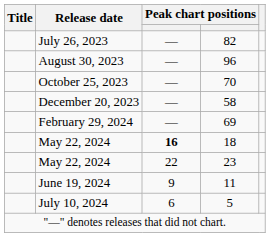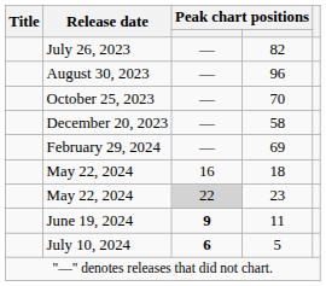 <table class="wikitable plainrowheaders">
 <tr>
 <th rowspan="2">Title</th>
 <th rowspan="2">Release date</th>
 <th colspan="2">Peak chart positions</th>
 <th rowspan="2"></th>
 </tr>
 <tr>
 <th></th>
 <th></th>
 </tr>
 <tr>
 <td></td>
 <td>July 26, 2023</td>
 <td align="center">—</td>
 <td align="center">82</td>
 <td></td>
 </tr>
 <tr>
 <td></td>
 <td>August 30, 2023</td>
 <td align="center">—</td>
 <td align="center">96</td>
 <td></td>
 </tr>
 <tr>
 <td></td>
 <td>October 25, 2023</td>
 <td align="center">—</td>
 <td align="center">70</td>
 <td></td>
 </tr>
 <tr>
 <td></td>
 <td>December 20, 2023</td>
 <td align="center">—</td>
 <td align="center">58</td>
 <td></td>
 </tr>
 <tr>
 <td></td>
 <td>February 29, 2024</td>
 <td align="center">—</td>
 <td align="center">69</td>
 <td></td>
 </tr>
 <tr>
 <td></td>
 <td>May 22, 2024</td>
-<td align="center"><strong>16</strong></td>
+<td align="center">16</td>
 <td align="center">18</td>
 <td></td>
 </tr>
 <tr>
 <td></td>
 <td>May 22, 2024</td>
-<td align="center">22</td>
+<td align="center" style="background: lightgrey;">22</td>
 <td align="center">23</td>
 <td></td>
 </tr>
 <tr>
 <td></td>
 <td>June 19, 2024</td>
-<td align="center">9</td>
+<td align="center"><strong>9</strong></td>
 <td align="center">11</td>
 <td></td>
 </tr>
 <tr>
 <td></td>
 <td>July 10, 2024</td>
-<td align="center">6</td>
+<td align="center"><strong>6</strong></td>
 <td align="center">5</td>
 <td></td>
 </tr>
 <tr>
 <td align="center" colspan="6" style="font-size:90%;">"—" denotes releases that did not chart.</td>
 </tr>
 </table>
